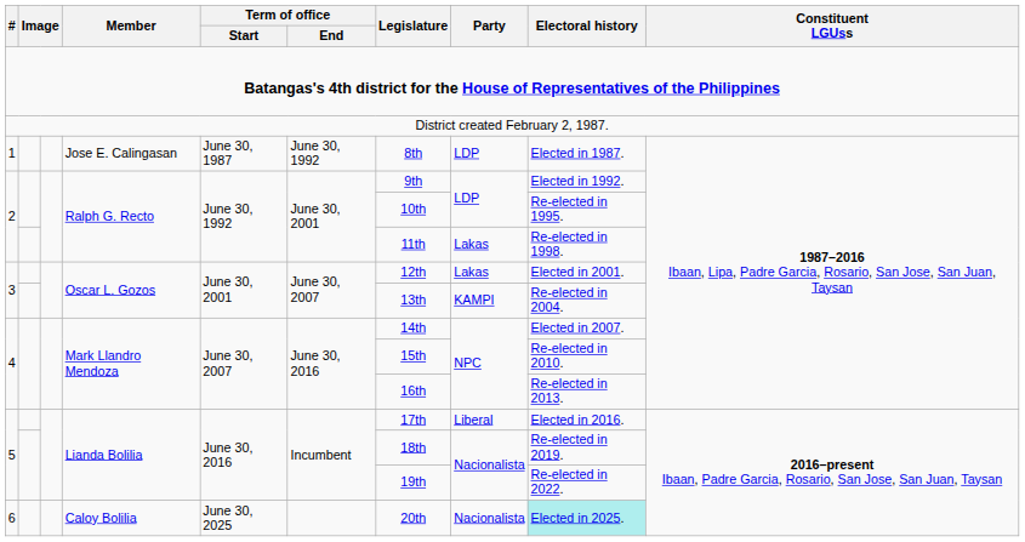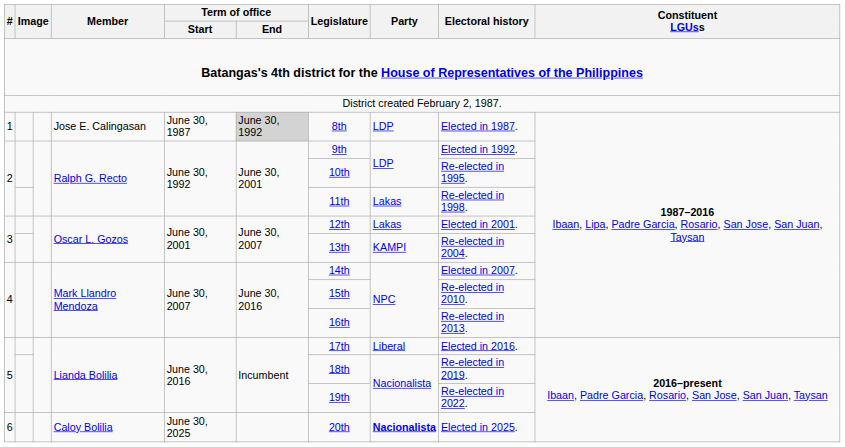 <table class="wikitable">
 <tr>
 <th rowspan="2">#</th>
 <th rowspan="2" colspan="2">Image</th>
 <th rowspan="2">Member</th>
 <th colspan="2">Term of office</th>
 <th rowspan="2">Legislature</th>
 <th rowspan="2">Party</th>
 <th rowspan="2">Electoral history</th>
 <th rowspan="2">Constituent<br><a href='#'>LGUs</a>s</th>
 </tr>
 <tr>
 <th>Start</th>
 <th>End</th>
 </tr>
 <tr>
 <td colspan="10" style="text-align:center;"><br><h3>Batangas's 4th district for the <a href='#'>House of Representatives of the Philippines</a></h3></td>
 </tr>
 <tr>
 <td colspan="10" style="text-align:center;">District created February 2, 1987.</td>
 </tr>
 <tr>
 <td style="text-align:center;">1</td>
 <td style="color:inherit;background:"></td>
 <td></td>
 <td>Jose E. Calingasan</td>
 <td>June 30, 1987</td>
-<td>June 30, 1992</td>
+<td style="background: lightgrey;">June 30, 1992</td>
 <td style="text-align:center;"><a href='#'>8th</a></td>
 <td><a href='#'>LDP</a></td>
 <td><a href='#'>Elected in 1987</a>.</td>
 <td rowspan="9" style="text-align:center;"><strong>1987–2016</strong><br><a href='#'>Ibaan</a>, <a href='#'>Lipa</a>, <a href='#'>Padre Garcia</a>, <a href='#'>Rosario</a>, <a href='#'>San Jose</a>, <a href='#'>San Juan</a>, <a href='#'>Taysan</a></td>
 </tr>
 <tr>
 <td rowspan="3" style="text-align:center;">2</td>
 <td rowspan="2" style="color:inherit;background:"></td>
 <td rowspan="3"></td>
 <td rowspan="3"><a href='#'>Ralph G. Recto</a></td>
 <td rowspan="3">June 30, 1992</td>
 <td rowspan="3">June 30, 2001</td>
 <td style="text-align:center;"><a href='#'>9th</a></td>
 <td rowspan="2"><a href='#'>LDP</a></td>
 <td><a href='#'>Elected in 1992</a>.</td>
 </tr>
 <tr>
 <td style="text-align:center;"><a href='#'>10th</a></td>
 <td><a href='#'>Re-elected in 1995</a>.</td>
 </tr>
 <tr>
 <td style="color:inherit;background:"></td>
 <td style="text-align:center;"><a href='#'>11th</a></td>
 <td><a href='#'>Lakas</a></td>
 <td><a href='#'>Re-elected in 1998</a>.</td>
 </tr>
 <tr>
 <td rowspan="2" style="text-align:center;">3</td>
 <td style="color:inherit;background:"></td>
 <td rowspan="2"></td>
 <td rowspan="2"><a href='#'>Oscar L. Gozos</a></td>
 <td rowspan="2">June 30, 2001</td>
 <td rowspan="2">June 30, 2007</td>
 <td style="text-align:center;"><a href='#'>12th</a></td>
 <td><a href='#'>Lakas</a></td>
 <td><a href='#'>Elected in 2001</a>.</td>
 </tr>
 <tr>
 <td style="color:inherit;background:"></td>
 <td style="text-align:center;"><a href='#'>13th</a></td>
 <td><a href='#'>KAMPI</a></td>
 <td><a href='#'>Re-elected in 2004</a>.</td>
 </tr>
 <tr>
 <td rowspan="3" style="text-align:center;">4</td>
 <td rowspan="3" style="color:inherit;background:"></td>
 <td rowspan="3"></td>
 <td rowspan="3"><a href='#'>Mark Llandro Mendoza</a></td>
 <td rowspan="3">June 30, 2007</td>
 <td rowspan="3">June 30, 2016</td>
 <td style="text-align:center;"><a href='#'>14th</a></td>
 <td rowspan="3"><a href='#'>NPC</a></td>
 <td><a href='#'>Elected in 2007</a>.</td>
 </tr>
 <tr>
 <td style="text-align:center;"><a href='#'>15th</a></td>
 <td><a href='#'>Re-elected in 2010</a>.</td>
 </tr>
 <tr>
 <td style="text-align:center;"><a href='#'>16th</a></td>
 <td><a href='#'>Re-elected in 2013</a>.</td>
 </tr>
 <tr>
 <td rowspan="3" style="text-align:center;">5</td>
 <td style="color:inherit;background:"></td>
 <td rowspan="3"></td>
 <td rowspan="3"><a href='#'>Lianda Bolilia</a></td>
 <td rowspan="3">June 30, 2016</td>
 <td rowspan="3">Incumbent</td>
 <td style="text-align:center;"><a href='#'>17th</a></td>
 <td><a href='#'>Liberal</a></td>
 <td><a href='#'>Elected in 2016</a>.</td>
 <td rowspan="4" style="text-align:center;"><strong>2016–present</strong><br><a href='#'>Ibaan</a>, <a href='#'>Padre Garcia</a>, <a href='#'>Rosario</a>, <a href='#'>San Jose</a>, <a href='#'>San Juan</a>, <a href='#'>Taysan</a></td>
 </tr>
 <tr>
 <td rowspan="2" style="color:inherit;background:"></td>
 <td style="text-align:center;"><a href='#'>18th</a></td>
 <td rowspan="2"><a href='#'>Nacionalista</a></td>
 <td><a href='#'>Re-elected in 2019</a>.</td>
 </tr>
 <tr>
 <td style="text-align:center;"><a href='#'>19th</a></td>
 <td><a href='#'>Re-elected in 2022</a>.</td>
 </tr>
 <tr>
 <td style="text-align:center;">6</td>
 <td style="color:inherit;background:"></td>
 <td></td>
 <td><a href='#'>Caloy Bolilia</a></td>
 <td>June 30, 2025</td>
 <td></td>
 <td style="text-align:center;"><a href='#'>20th</a></td>
-<td><a href='#'>Nacionalista</a></td>
-<td style="background: paleturquoise;"><a href='#'>Elected in 2025</a>.</td>
+<td><strong><a href='#'>Nacionalista</a></strong></td>
+<td><a href='#'>Elected in 2025</a>.</td>
 </tr>
 </table>
